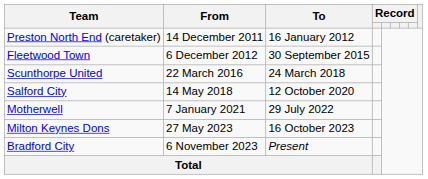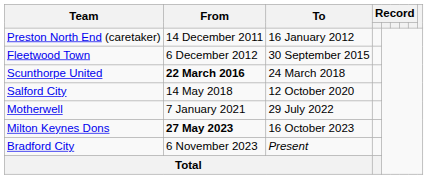 <table class=wikitable style=text-align:center>
 <tr>
 <th rowspan=2>Team</th>
 <th rowspan=2>From</th>
 <th rowspan=2>To</th>
 <th colspan=5>Record</th>
 <th rowspan=2></th>
 </tr>
 <tr>
 <th></th>
 <th></th>
 <th></th>
 <th></th>
 <th></th>
 </tr>
 <tr>
 <td align=left><a href='#'>Preston North End</a> (caretaker)</td>
 <td align=left>14 December 2011</td>
 <td align=left>16 January 2012<br></td>
 <td></td>
 </tr>
 <tr>
 <td align=left><a href='#'>Fleetwood Town</a></td>
 <td align=left>6 December 2012</td>
 <td align=left>30 September 2015<br></td>
 <td></td>
 </tr>
 <tr>
 <td align=left><a href='#'>Scunthorpe United</a></td>
-<td align=left>22 March 2016</td>
+<td align=left><strong>22 March 2016</strong></td>
 <td align=left>24 March 2018<br></td>
 <td></td>
 </tr>
 <tr>
 <td align=left><a href='#'>Salford City</a></td>
 <td align=left>14 May 2018</td>
 <td align=left>12 October 2020<br></td>
 <td></td>
 </tr>
 <tr>
 <td align=left><a href='#'>Motherwell</a></td>
 <td align=left>7 January 2021</td>
 <td align=left>29 July 2022<br></td>
 <td></td>
 </tr>
 <tr>
 <td align=left><a href='#'>Milton Keynes Dons</a></td>
-<td align=left>27 May 2023</td>
+<td align=left><strong>27 May 2023</strong></td>
 <td align=left>16 October 2023<br></td>
 <td></td>
 </tr>
 <tr>
 <td align=left><a href='#'>Bradford City</a></td>
 <td align=left>6 November 2023</td>
 <td align=left><em>Present</em><br></td>
 <td></td>
 </tr>
 <tr>
 <th colspan=3>Total<br></th>
 <th></th>
 </tr>
 </table>
